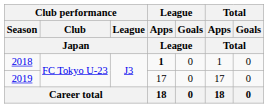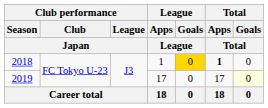 <table class="wikitable" style="text-align:center">
 <tr>
 <th colspan=3>Club performance</th>
 <th colspan=2>League</th>
 <th colspan=2>Total</th>
 </tr>
 <tr>
 <th>Season</th>
 <th>Club</th>
 <th>League</th>
 <th>Apps</th>
 <th>Goals</th>
 <th>Apps</th>
 <th>Goals</th>
 </tr>
 <tr>
 <th colspan=3>Japan</th>
 <th colspan=2>League</th>
 <th colspan=2>Total</th>
 </tr>
 <tr>
 <td><a href='#'>2018</a></td>
 <td rowspan=2><a href='#'>FC Tokyo U-23</a></td>
 <td rowspan=2><a href='#'>J3</a></td>
+<td>1</td>
+<td style="background: gold;">0</td>
 <td><strong>1</strong></td>
-<td>0</td>
-<td>1</td>
 <td>0</td>
 </tr>
 <tr>
 <td><a href='#'>2019</a></td>
 <td>17</td>
 <td>0</td>
 <td>17</td>
-<td>0</td>
+<td style="background: lightyellow;">0</td>
 </tr>
 <tr>
 <th colspan=3>Career total</th>
 <th>18</th>
 <th>0</th>
 <th>18</th>
 <th>0</th>
 </tr>
 </table>
